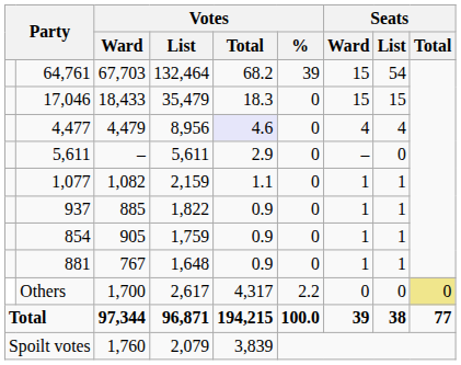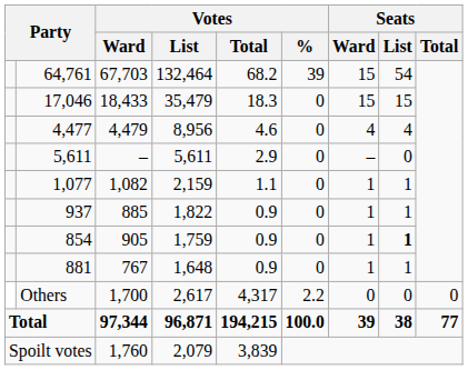 <table class=wikitable style="text-align:right">
 <tr>
 <th rowspan="2" colspan="2">Party</th>
 <th colspan="4" align="center">Votes</th>
 <th colspan="3" align="center">Seats</th>
 </tr>
 <tr>
 <th>Ward</th>
 <th>List</th>
 <th>Total</th>
 <th>%</th>
 <th>Ward</th>
 <th>List</th>
 <th>Total</th>
 </tr>
 <tr>
 <td></td>
 <td>64,761</td>
 <td>67,703</td>
 <td>132,464</td>
 <td>68.2</td>
 <td>39</td>
 <td>15</td>
 <td>54</td>
 </tr>
 <tr>
 <td></td>
 <td>17,046</td>
 <td>18,433</td>
 <td>35,479</td>
 <td>18.3</td>
 <td>0</td>
 <td>15</td>
 <td>15</td>
 </tr>
 <tr>
 <td></td>
 <td>4,477</td>
 <td>4,479</td>
 <td>8,956</td>
-<td style="background: lavender;">4.6</td>
+<td>4.6</td>
 <td>0</td>
 <td>4</td>
 <td>4</td>
 </tr>
 <tr>
 <td></td>
 <td>5,611</td>
 <td>–</td>
 <td>5,611</td>
 <td>2.9</td>
 <td>0</td>
 <td>–</td>
 <td>0</td>
 </tr>
 <tr>
 <td></td>
 <td>1,077</td>
 <td>1,082</td>
 <td>2,159</td>
 <td>1.1</td>
 <td>0</td>
 <td>1</td>
 <td>1</td>
 </tr>
 <tr>
 <td></td>
 <td>937</td>
 <td>885</td>
 <td>1,822</td>
 <td>0.9</td>
 <td>0</td>
 <td>1</td>
 <td>1</td>
 </tr>
 <tr>
 <td></td>
 <td>854</td>
 <td>905</td>
 <td>1,759</td>
 <td>0.9</td>
 <td>0</td>
 <td>1</td>
-<td>1</td>
+<td><strong>1</strong></td>
 </tr>
 <tr>
 <td></td>
 <td>881</td>
 <td>767</td>
 <td>1,648</td>
 <td>0.9</td>
 <td>0</td>
 <td>1</td>
 <td>1</td>
 </tr>
 <tr>
 <td style="background-color:white"></td>
 <td style="text-align:left">Others</td>
 <td>1,700</td>
 <td>2,617</td>
 <td>4,317</td>
 <td>2.2</td>
 <td>0</td>
 <td>0</td>
-<td style="background: khaki;">0</td>
+<td>0</td>
 </tr>
 <tr>
 <td colspan="2" style="text-align:left"><strong>Total</strong></td>
 <td><strong>97,344</strong></td>
 <td><strong>96,871</strong></td>
 <td><strong>194,215</strong></td>
 <td><strong>100.0</strong></td>
 <td><strong>39</strong></td>
 <td><strong>38</strong></td>
 <td><strong>77</strong></td>
 </tr>
 <tr>
 <td colspan="2" style="text-align:left">Spoilt votes</td>
 <td>1,760</td>
 <td>2,079</td>
 <td>3,839</td>
 </tr>
 </table>
